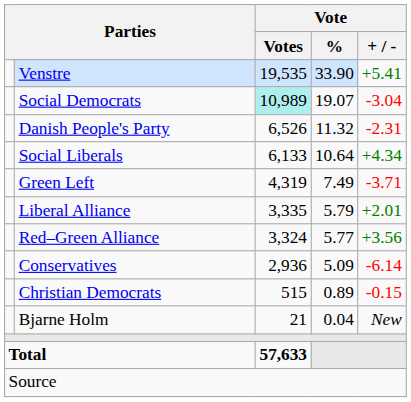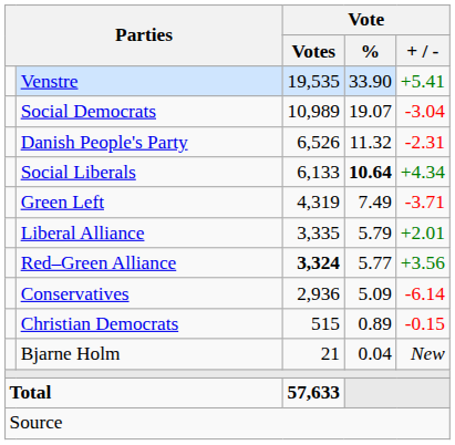 <table class="wikitable" style="text-align:right;">
 <tr>
 <th style="text-align:centre;" rowspan="2" colspan="2" width="225">Parties</th>
 <th colspan="3">Vote</th>
 </tr>
 <tr>
 <th width="15">Votes</th>
 <th width="15">%</th>
 <th width="15">+ / -</th>
 </tr>
 <tr>
 <td width="2" style="color:inherit;background:"></td>
 <td bgcolor=#cfe5fe  align="left"><a href='#'>Venstre</a></td>
 <td bgcolor=#cfe5fe>19,535</td>
 <td bgcolor=#cfe5fe>33.90</td>
 <td style=color:green;>+5.41</td>
 </tr>
 <tr>
 <td width="2" style="color:inherit;background:"></td>
 <td align="left"><a href='#'>Social Democrats</a></td>
-<td style="background: paleturquoise;">10,989</td>
+<td>10,989</td>
 <td>19.07</td>
 <td style=color:red;>-3.04</td>
 </tr>
 <tr>
 <td width="2" style="color:inherit;background:"></td>
 <td align="left"><a href='#'>Danish People's Party</a></td>
 <td>6,526</td>
 <td>11.32</td>
 <td style=color:red;>-2.31</td>
 </tr>
 <tr>
 <td width="2" style="color:inherit;background:"></td>
 <td align="left"><a href='#'>Social Liberals</a></td>
 <td>6,133</td>
-<td>10.64</td>
+<td><strong>10.64</strong></td>
 <td style=color:green;>+4.34</td>
 </tr>
 <tr>
 <td width="2" style="color:inherit;background:"></td>
 <td align="left"><a href='#'>Green Left</a></td>
 <td>4,319</td>
 <td>7.49</td>
 <td style=color:red;>-3.71</td>
 </tr>
 <tr>
 <td width="2" style="color:inherit;background:"></td>
 <td align="left"><a href='#'>Liberal Alliance</a></td>
 <td>3,335</td>
 <td>5.79</td>
 <td style=color:green;>+2.01</td>
 </tr>
 <tr>
 <td width="2" style="color:inherit;background:"></td>
 <td align="left"><a href='#'>Red–Green Alliance</a></td>
-<td>3,324</td>
+<td><strong>3,324</strong></td>
 <td>5.77</td>
 <td style=color:green;>+3.56</td>
 </tr>
 <tr>
 <td width="2" style="color:inherit;background:"></td>
 <td align="left"><a href='#'>Conservatives</a></td>
 <td>2,936</td>
 <td>5.09</td>
 <td style=color:red;>-6.14</td>
 </tr>
 <tr>
 <td width="2" style="color:inherit;background:"></td>
 <td align="left"><a href='#'>Christian Democrats</a></td>
 <td>515</td>
 <td>0.89</td>
 <td style=color:red;>-0.15</td>
 </tr>
 <tr>
 <td width="2" style="color:inherit;background:"></td>
 <td align="left">Bjarne Holm</td>
 <td>21</td>
 <td>0.04</td>
 <td><em>New</em></td>
 </tr>
 <tr>
 <td colspan="7" bgcolor="#E9E9E9"></td>
 </tr>
 <tr>
 <td align="left" colspan="2"><strong>Total</strong></td>
 <td><strong>57,633</strong></td>
 <td bgcolor="#E9E9E9" colspan="2"></td>
 </tr>
 <tr>
 <td align="left" colspan="6">Source</td>
 </tr>
 </table>
